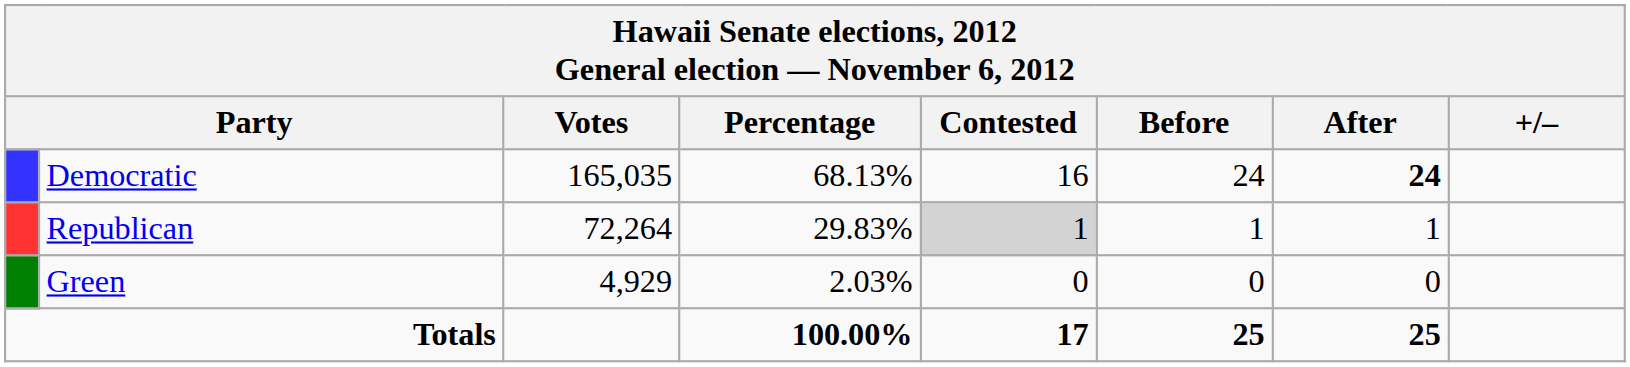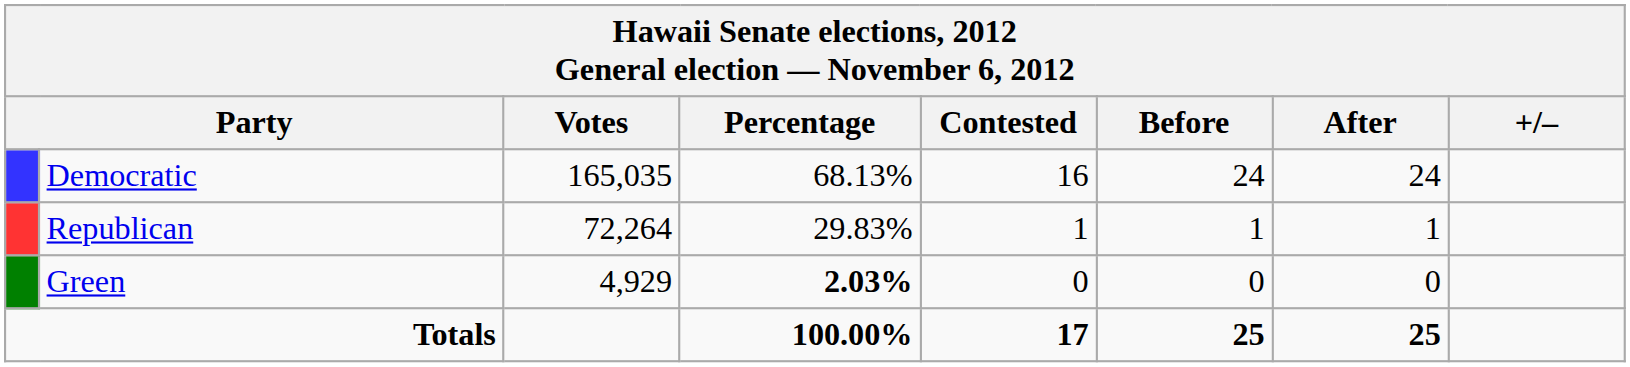 <table class="wikitable" style="font-size:95%;">
 <tr>
 <th colspan="9">Hawaii Senate elections, 2012<br>General election — November 6, 2012</th>
 </tr>
 <tr>
 <th colspan=2 style="width: 15em">Party</th>
 <th style="width: 5em">Votes</th>
 <th style="width: 7em">Percentage</th>
 <th style="width: 5em">Contested</th>
 <th style="width: 5em">Before</th>
 <th style="width: 5em">After</th>
 <th style="width: 5em">+/–</th>
 </tr>
 <tr>
 <th style="background-color:#3333FF; width: 3px"></th>
 <td style="width: 130px"><a href='#'>Democratic</a></td>
 <td align="right">165,035</td>
 <td align="right">68.13%</td>
 <td align="right">16</td>
 <td align="right">24</td>
-<td align="right"><strong>24</strong></td>
+<td align="right">24</td>
 <td align="right"></td>
 </tr>
 <tr>
 <th style="background-color:#FF3333; width: 3px"></th>
 <td style="width: 130px"><a href='#'>Republican</a></td>
 <td align="right">72,264</td>
 <td align="right">29.83%</td>
-<td align="right" style="background: lightgrey;">1</td>
+<td align="right">1</td>
 <td align="right">1</td>
 <td align="right">1</td>
 <td align="right"></td>
 </tr>
 <tr>
 <th style="background-color:Green; width: 3px"></th>
 <td style="width: 130px"><a href='#'>Green</a></td>
 <td align="right">4,929</td>
-<td align="right">2.03%</td>
+<td align="right"><strong>2.03%</strong></td>
 <td align="right">0</td>
 <td align="right">0</td>
 <td align="right">0</td>
 <td align="right"></td>
 </tr>
 <tr>
 <td colspan="2" align="right"><strong>Totals</strong></td>
 <td align="right"></td>
 <td align="right"><strong>100.00%</strong></td>
 <td align="right"><strong>17</strong></td>
 <td align="right"><strong>25</strong></td>
 <td align="right"><strong>25</strong></td>
 <td align="right"></td>
 </tr>
 </table>
